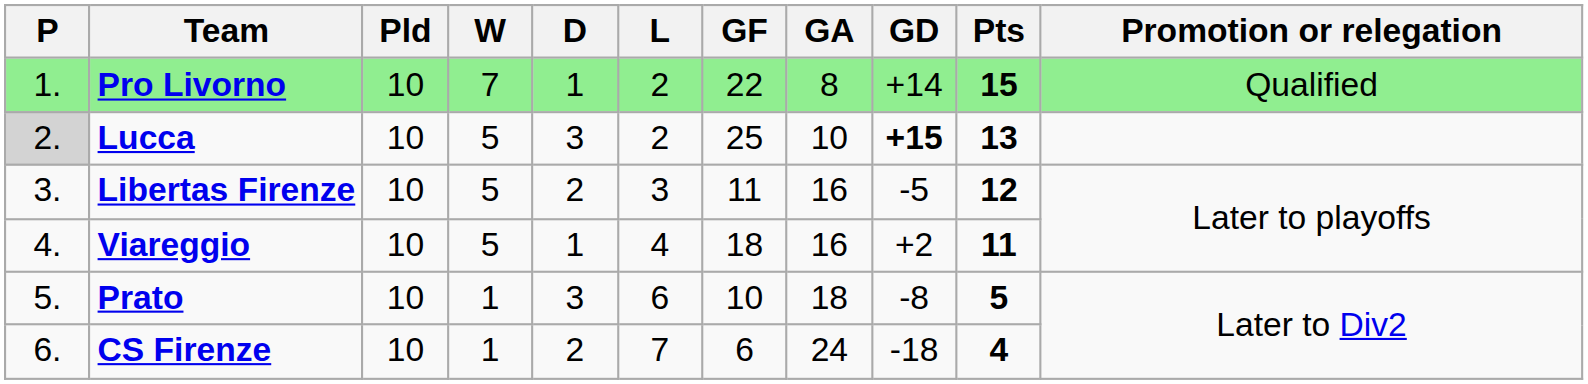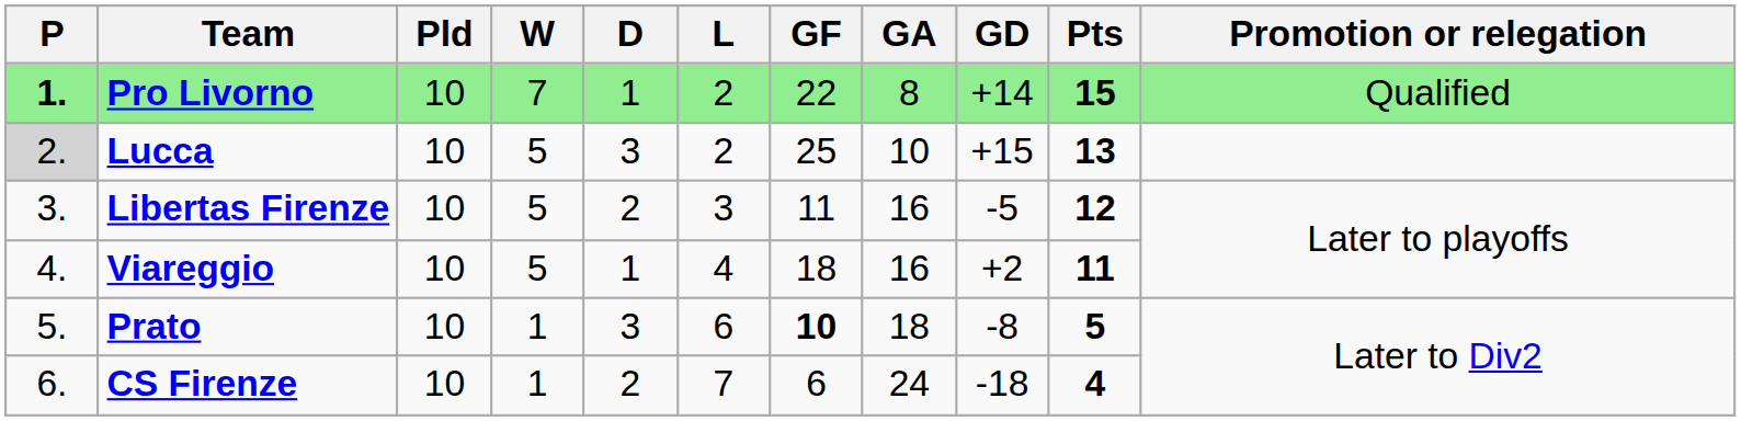 <table class="wikitable sortable" style="text-align: center;">
 <tr>
 <th width=33>P<br></th>
 <th>Team<br></th>
 <th width=33>Pld<br></th>
 <th width=33>W<br></th>
 <th width=33>D<br></th>
 <th width=33>L<br></th>
 <th width=33>GF<br></th>
 <th width=33>GA<br></th>
 <th width=33>GD<br></th>
 <th width=33>Pts<br></th>
 <th class="unsortable" width=250>Promotion or relegation<br></th>
 </tr>
 <tr style="background: #90EE90;">
-<td>1.</td>
+<td><strong>1.</strong></td>
 <td align="left"><strong><a href='#'>Pro Livorno</a></strong></td>
 <td>10</td>
 <td>7</td>
 <td>1</td>
 <td>2</td>
 <td>22</td>
 <td>8</td>
 <td>+14</td>
 <td><strong>15</strong></td>
 <td>Qualified</td>
 </tr>
 <tr>
 <td style="background: lightgrey;">2.</td>
 <td align="left"><strong><a href='#'>Lucca</a></strong></td>
 <td>10</td>
 <td>5</td>
 <td>3</td>
 <td>2</td>
 <td>25</td>
 <td>10</td>
-<td><strong>+15</strong></td>
+<td>+15</td>
 <td><strong>13</strong></td>
 </tr>
 <tr>
 <td>3.</td>
 <td align="left"><strong><a href='#'>Libertas Firenze</a></strong></td>
 <td>10</td>
 <td>5</td>
 <td>2</td>
 <td>3</td>
 <td>11</td>
 <td>16</td>
 <td>-5</td>
 <td><strong>12</strong></td>
 <td rowspan=2>Later to playoffs</td>
 </tr>
 <tr>
 <td>4.</td>
 <td align="left"><strong><a href='#'>Viareggio</a></strong></td>
 <td>10</td>
 <td>5</td>
 <td>1</td>
 <td>4</td>
 <td>18</td>
 <td>16</td>
 <td>+2</td>
 <td><strong>11</strong></td>
 </tr>
 <tr>
 <td>5.</td>
 <td align="left"><strong><a href='#'>Prato</a></strong></td>
 <td>10</td>
 <td>1</td>
 <td>3</td>
 <td>6</td>
-<td>10</td>
+<td><strong>10</strong></td>
 <td>18</td>
 <td>-8</td>
 <td><strong>5</strong></td>
 <td rowspan=2>Later to <a href='#'>Div2</a></td>
 </tr>
 <tr>
 <td>6.</td>
 <td align="left"><strong><a href='#'>CS Firenze</a></strong></td>
 <td>10</td>
 <td>1</td>
 <td>2</td>
 <td>7</td>
 <td>6</td>
 <td>24</td>
 <td>-18</td>
 <td><strong>4</strong></td>
 </tr>
 </table>
